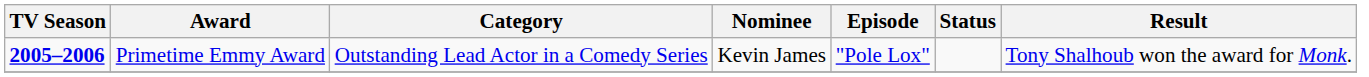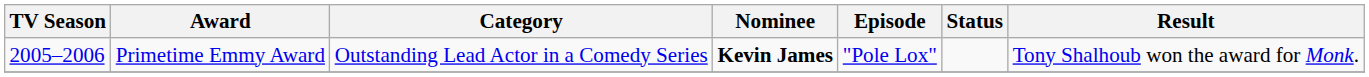 <table class="wikitable">
 <tr>
 <th>TV Season</th>
 <th>Award</th>
 <th>Category</th>
 <th>Nominee</th>
 <th>Episode</th>
 <th>Status</th>
 <th>Result</th>
 </tr>
 <tr>
-<td><strong><a href='#'>2005–2006</a></strong></td>
+<td><a href='#'>2005–2006</a></td>
 <td><a href='#'>Primetime Emmy Award</a></td>
 <td><a href='#'>Outstanding Lead Actor in a Comedy Series</a></td>
-<td>Kevin James</td>
+<td><strong>Kevin James</strong></td>
 <td><a href='#'>"Pole Lox"</a></td>
 <td></td>
 <td><a href='#'>Tony Shalhoub</a> won the award for <em><a href='#'>Monk</a></em>.</td>
 </tr>
 <tr>
 </tr>
 </table>
